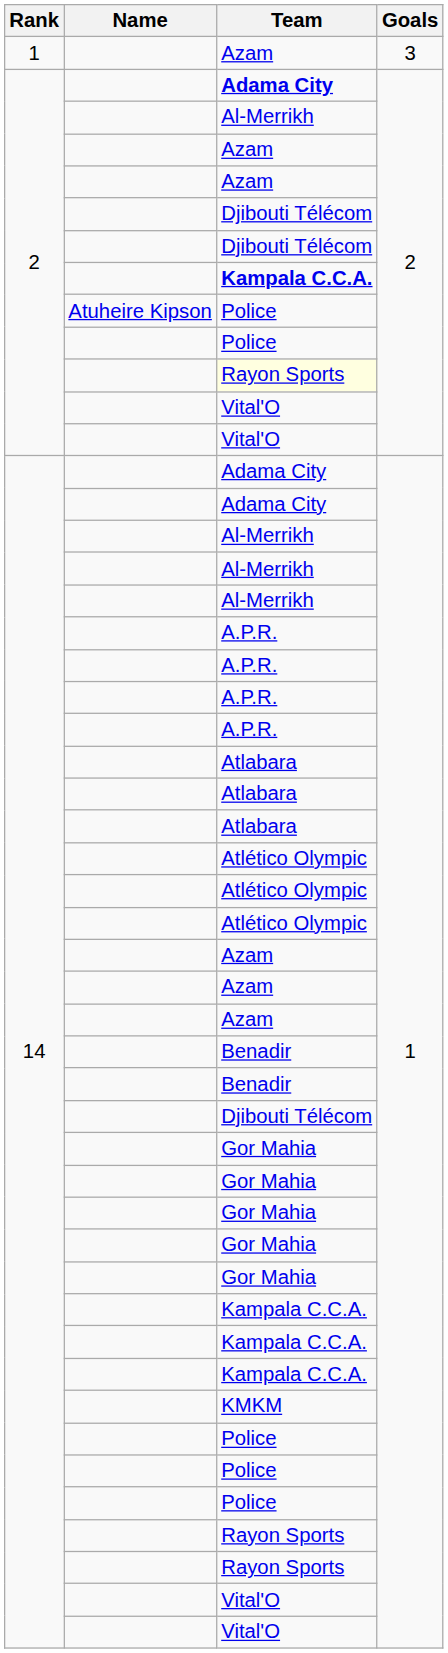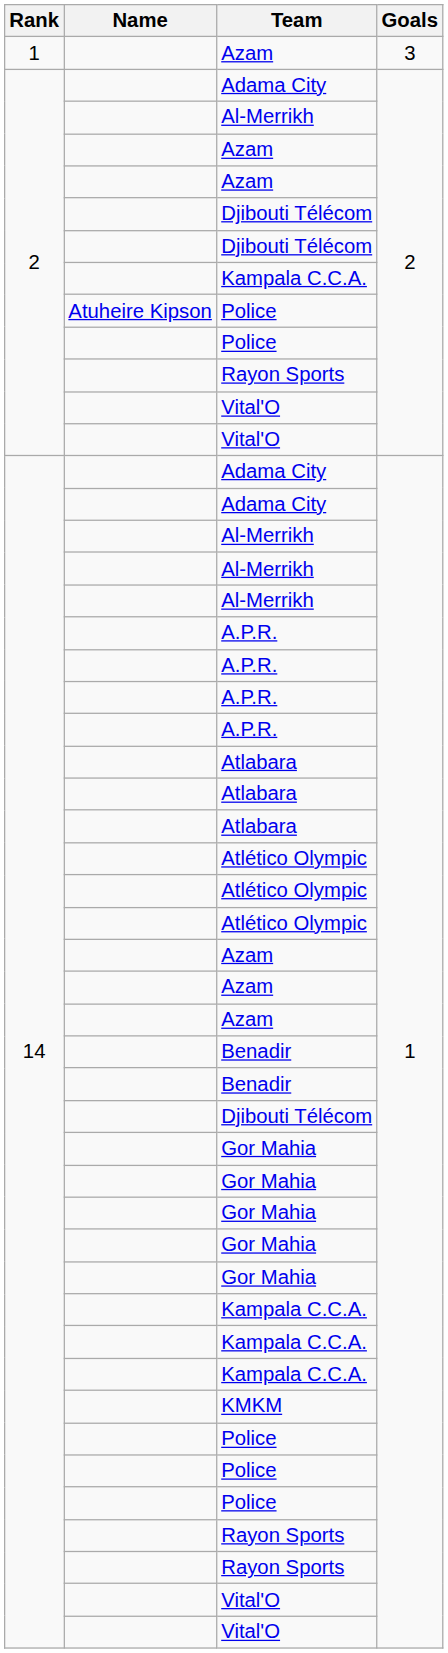 <table class="wikitable sortable" style="text-align:left;">
 <tr>
 <th>Rank</th>
 <th>Name</th>
 <th>Team</th>
 <th>Goals</th>
 </tr>
 <tr>
 <td rowspan="1" align="center">1</td>
 <td> </td>
 <td> <a href='#'>Azam</a></td>
 <td rowspan="1" align="center">3</td>
 </tr>
 <tr>
 <td rowspan="12" align="center">2</td>
 <td> </td>
-<td><strong> <a href='#'>Adama City</a></strong></td>
+<td> <a href='#'>Adama City</a></td>
 <td rowspan="12" align="center">2</td>
 </tr>
 <tr>
 <td> </td>
 <td> <a href='#'>Al-Merrikh</a></td>
 </tr>
 <tr>
 <td> </td>
 <td> <a href='#'>Azam</a></td>
 </tr>
 <tr>
 <td> </td>
 <td> <a href='#'>Azam</a></td>
 </tr>
 <tr>
 <td> </td>
 <td> <a href='#'>Djibouti Télécom</a></td>
 </tr>
 <tr>
 <td> </td>
 <td> <a href='#'>Djibouti Télécom</a></td>
 </tr>
 <tr>
 <td> </td>
-<td><strong> <a href='#'>Kampala C.C.A.</a></strong></td>
+<td> <a href='#'>Kampala C.C.A.</a></td>
 </tr>
 <tr>
 <td> <a href='#'>Atuheire Kipson</a></td>
 <td> <a href='#'>Police</a></td>
 </tr>
 <tr>
 <td> </td>
 <td> <a href='#'>Police</a></td>
 </tr>
 <tr>
 <td> </td>
-<td style="background: lightyellow;"> <a href='#'>Rayon Sports</a></td>
+<td> <a href='#'>Rayon Sports</a></td>
 </tr>
 <tr>
 <td> </td>
 <td> <a href='#'>Vital'O</a></td>
 </tr>
 <tr>
 <td> </td>
 <td> <a href='#'>Vital'O</a></td>
 </tr>
 <tr>
 <td rowspan="37" align="center">14</td>
 <td> </td>
 <td> <a href='#'>Adama City</a></td>
 <td rowspan="37" align="center">1</td>
 </tr>
 <tr>
 <td> </td>
 <td> <a href='#'>Adama City</a></td>
 </tr>
 <tr>
 <td> </td>
 <td> <a href='#'>Al-Merrikh</a></td>
 </tr>
 <tr>
 <td> </td>
 <td> <a href='#'>Al-Merrikh</a></td>
 </tr>
 <tr>
 <td> </td>
 <td> <a href='#'>Al-Merrikh</a></td>
 </tr>
 <tr>
 <td> </td>
 <td> <a href='#'>A.P.R.</a></td>
 </tr>
 <tr>
 <td> </td>
 <td> <a href='#'>A.P.R.</a></td>
 </tr>
 <tr>
 <td> </td>
 <td> <a href='#'>A.P.R.</a></td>
 </tr>
 <tr>
 <td> </td>
 <td> <a href='#'>A.P.R.</a></td>
 </tr>
 <tr>
 <td> </td>
 <td> <a href='#'>Atlabara</a></td>
 </tr>
 <tr>
 <td> </td>
 <td> <a href='#'>Atlabara</a></td>
 </tr>
 <tr>
 <td> </td>
 <td> <a href='#'>Atlabara</a></td>
 </tr>
 <tr>
 <td> </td>
 <td> <a href='#'>Atlético Olympic</a></td>
 </tr>
 <tr>
 <td> </td>
 <td> <a href='#'>Atlético Olympic</a></td>
 </tr>
 <tr>
 <td> </td>
 <td> <a href='#'>Atlético Olympic</a></td>
 </tr>
 <tr>
 <td> </td>
 <td> <a href='#'>Azam</a></td>
 </tr>
 <tr>
 <td> </td>
 <td> <a href='#'>Azam</a></td>
 </tr>
 <tr>
 <td> </td>
 <td> <a href='#'>Azam</a></td>
 </tr>
 <tr>
 <td> </td>
 <td> <a href='#'>Benadir</a></td>
 </tr>
 <tr>
 <td> </td>
 <td> <a href='#'>Benadir</a></td>
 </tr>
 <tr>
 <td> </td>
 <td> <a href='#'>Djibouti Télécom</a></td>
 </tr>
 <tr>
 <td> </td>
 <td> <a href='#'>Gor Mahia</a></td>
 </tr>
 <tr>
 <td> </td>
 <td> <a href='#'>Gor Mahia</a></td>
 </tr>
 <tr>
 <td> </td>
 <td> <a href='#'>Gor Mahia</a></td>
 </tr>
 <tr>
 <td> </td>
 <td> <a href='#'>Gor Mahia</a></td>
 </tr>
 <tr>
 <td> </td>
 <td> <a href='#'>Gor Mahia</a></td>
 </tr>
 <tr>
 <td> </td>
 <td> <a href='#'>Kampala C.C.A.</a></td>
 </tr>
 <tr>
 <td> </td>
 <td> <a href='#'>Kampala C.C.A.</a></td>
 </tr>
 <tr>
 <td> </td>
 <td> <a href='#'>Kampala C.C.A.</a></td>
 </tr>
 <tr>
 <td> </td>
 <td> <a href='#'>KMKM</a></td>
 </tr>
 <tr>
 <td> </td>
 <td> <a href='#'>Police</a></td>
 </tr>
 <tr>
 <td> </td>
 <td> <a href='#'>Police</a></td>
 </tr>
 <tr>
 <td> </td>
 <td> <a href='#'>Police</a></td>
 </tr>
 <tr>
 <td> </td>
 <td> <a href='#'>Rayon Sports</a></td>
 </tr>
 <tr>
 <td> </td>
 <td> <a href='#'>Rayon Sports</a></td>
 </tr>
 <tr>
 <td> </td>
 <td> <a href='#'>Vital'O</a></td>
 </tr>
 <tr>
 <td> </td>
 <td> <a href='#'>Vital'O</a></td>
 </tr>
 </table>
